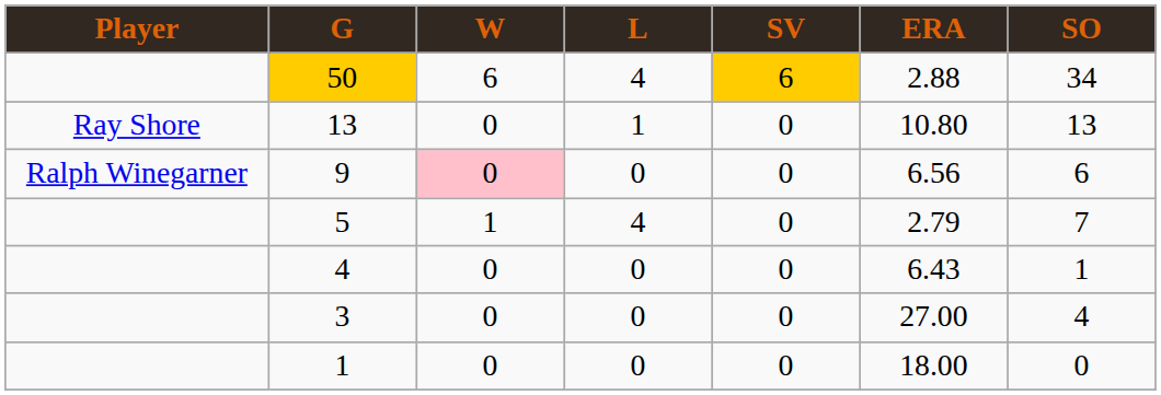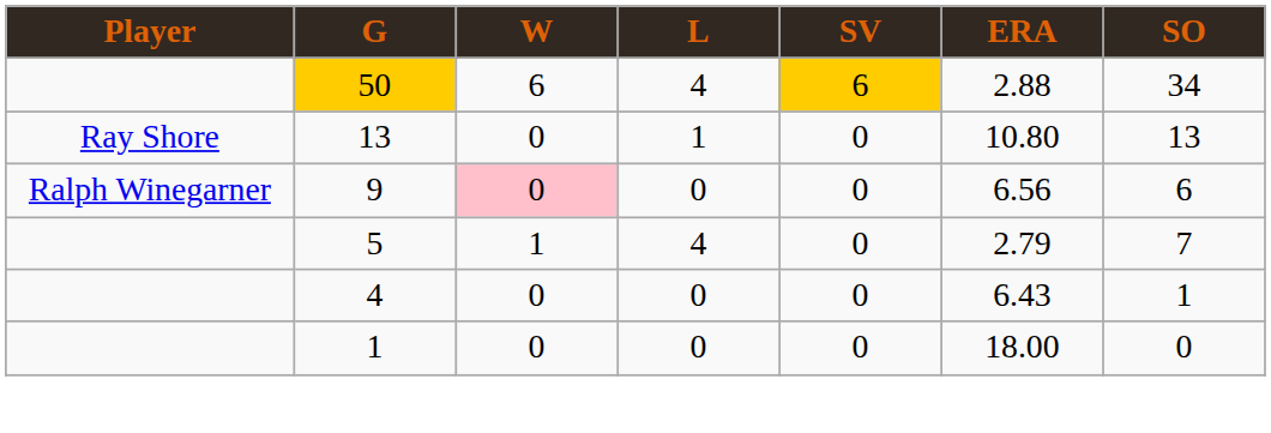 <table class="wikitable sortable">
 <tr>
 <th style="background:#312821;color:#de6108;" width="16%">Player</th>
 <th style="background:#312821;color:#de6108;" width="9%">G</th>
 <th style="background:#312821;color:#de6108;" width="9%">W</th>
 <th style="background:#312821;color:#de6108;" width="9%">L</th>
 <th style="background:#312821;color:#de6108;" width="9%">SV</th>
 <th style="background:#312821;color:#de6108;" width="9%">ERA</th>
 <th style="background:#312821;color:#de6108;" width="9%">SO</th>
 </tr>
 <tr align="center">
 <td></td>
 <td style="background:#fc0;">50</td>
 <td>6</td>
 <td>4</td>
 <td style="background:#fc0;">6</td>
 <td>2.88</td>
 <td>34</td>
 </tr>
 <tr align="center">
 <td><a href='#'>Ray Shore</a></td>
 <td>13</td>
 <td>0</td>
 <td>1</td>
 <td>0</td>
 <td>10.80</td>
 <td>13</td>
 </tr>
 <tr align=center>
 <td><a href='#'>Ralph Winegarner</a></td>
 <td>9</td>
 <td style="background: pink;">0</td>
 <td>0</td>
 <td>0</td>
 <td>6.56</td>
 <td>6</td>
 </tr>
 <tr align=center>
 <td></td>
 <td>5</td>
 <td>1</td>
 <td>4</td>
 <td>0</td>
 <td>2.79</td>
 <td>7</td>
 </tr>
 <tr align="center">
 <td></td>
 <td>4</td>
 <td>0</td>
 <td>0</td>
 <td>0</td>
 <td>6.43</td>
 <td>1</td>
 </tr>
 <tr align="center">
 <td></td>
-<td>3</td>
-<td>0</td>
-<td>0</td>
-<td>0</td>
-<td>27.00</td>
-<td>4</td>
-</tr>
-<tr align="center">
-<td></td>
 <td>1</td>
 <td>0</td>
 <td>0</td>
 <td>0</td>
 <td>18.00</td>
 <td>0</td>
 </tr>
 </table>
